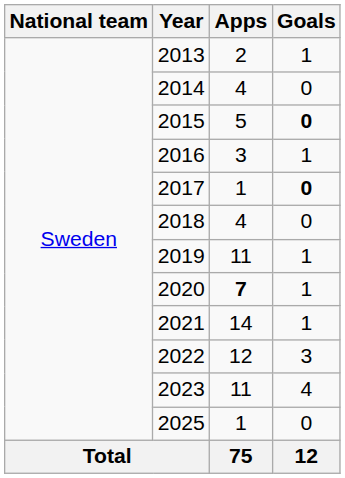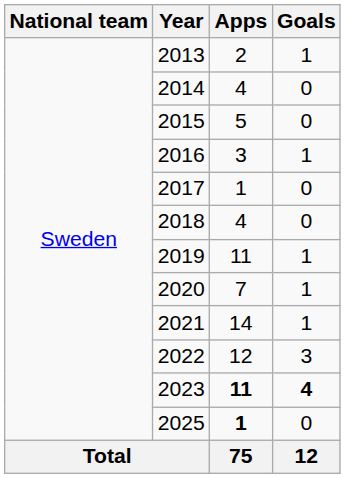 <table class=wikitable style=text-align:center>
 <tr>
 <th>National team</th>
 <th>Year</th>
 <th>Apps</th>
 <th>Goals</th>
 </tr>
 <tr>
 <td rowspan=12><a href='#'>Sweden</a></td>
 <td>2013</td>
 <td>2</td>
 <td>1</td>
 </tr>
 <tr>
 <td>2014</td>
 <td>4</td>
 <td>0</td>
 </tr>
 <tr>
 <td>2015</td>
 <td>5</td>
-<td><strong>0</strong></td>
+<td>0</td>
 </tr>
 <tr>
 <td>2016</td>
 <td>3</td>
 <td>1</td>
 </tr>
 <tr>
 <td>2017</td>
 <td>1</td>
-<td><strong>0</strong></td>
+<td>0</td>
 </tr>
 <tr>
 <td>2018</td>
 <td>4</td>
 <td>0</td>
 </tr>
 <tr>
 <td>2019</td>
 <td>11</td>
 <td>1</td>
 </tr>
 <tr>
 <td>2020</td>
-<td><strong>7</strong></td>
+<td>7</td>
 <td>1</td>
 </tr>
 <tr>
 <td>2021</td>
 <td>14</td>
 <td>1</td>
 </tr>
 <tr>
 <td>2022</td>
 <td>12</td>
 <td>3</td>
 </tr>
 <tr>
 <td>2023</td>
-<td>11</td>
-<td>4</td>
+<td><strong>11</strong></td>
+<td><strong>4</strong></td>
 </tr>
 <tr>
 <td>2025</td>
-<td>1</td>
+<td><strong>1</strong></td>
 <td>0</td>
 </tr>
 <tr>
 <th colspan=2>Total</th>
 <th>75</th>
 <th>12</th>
 </tr>
 </table>
